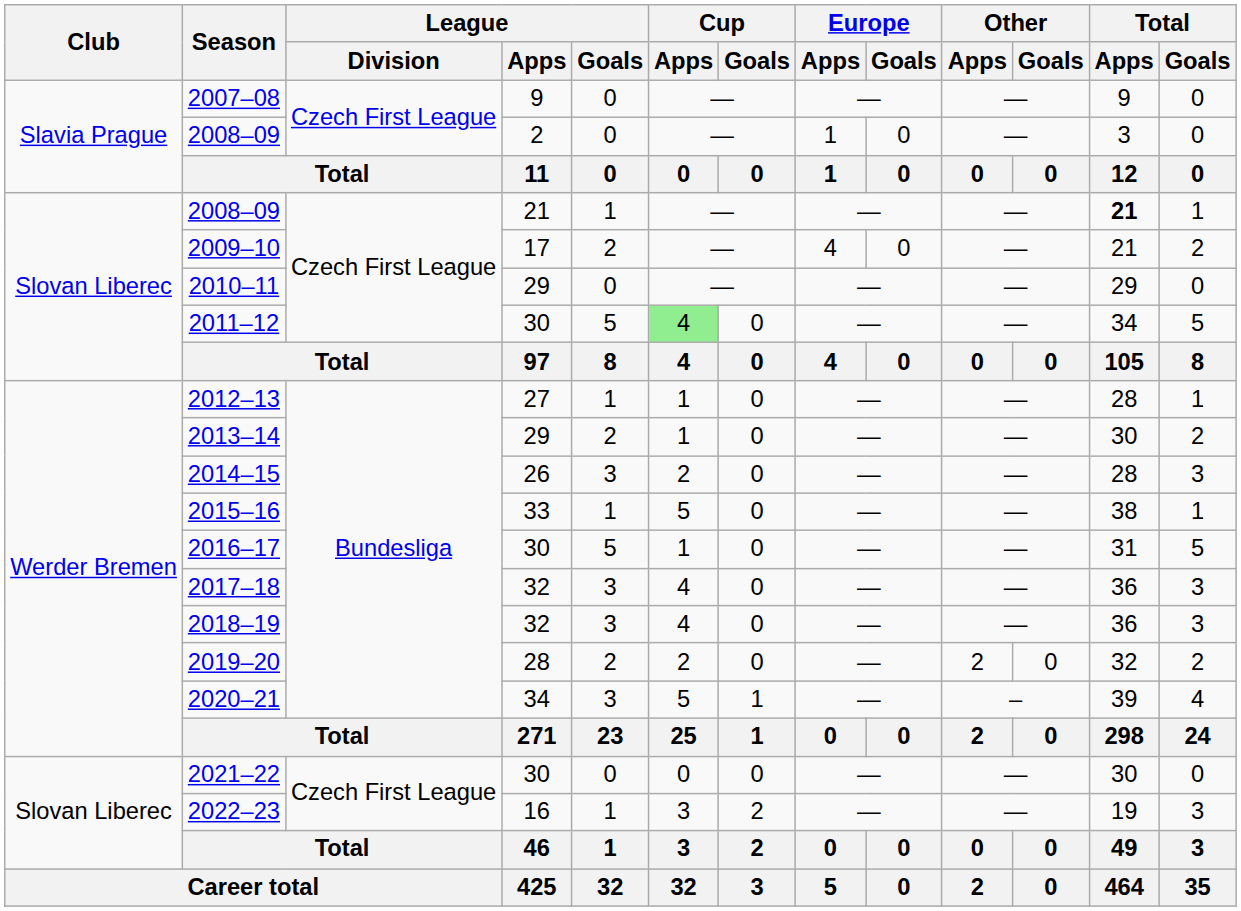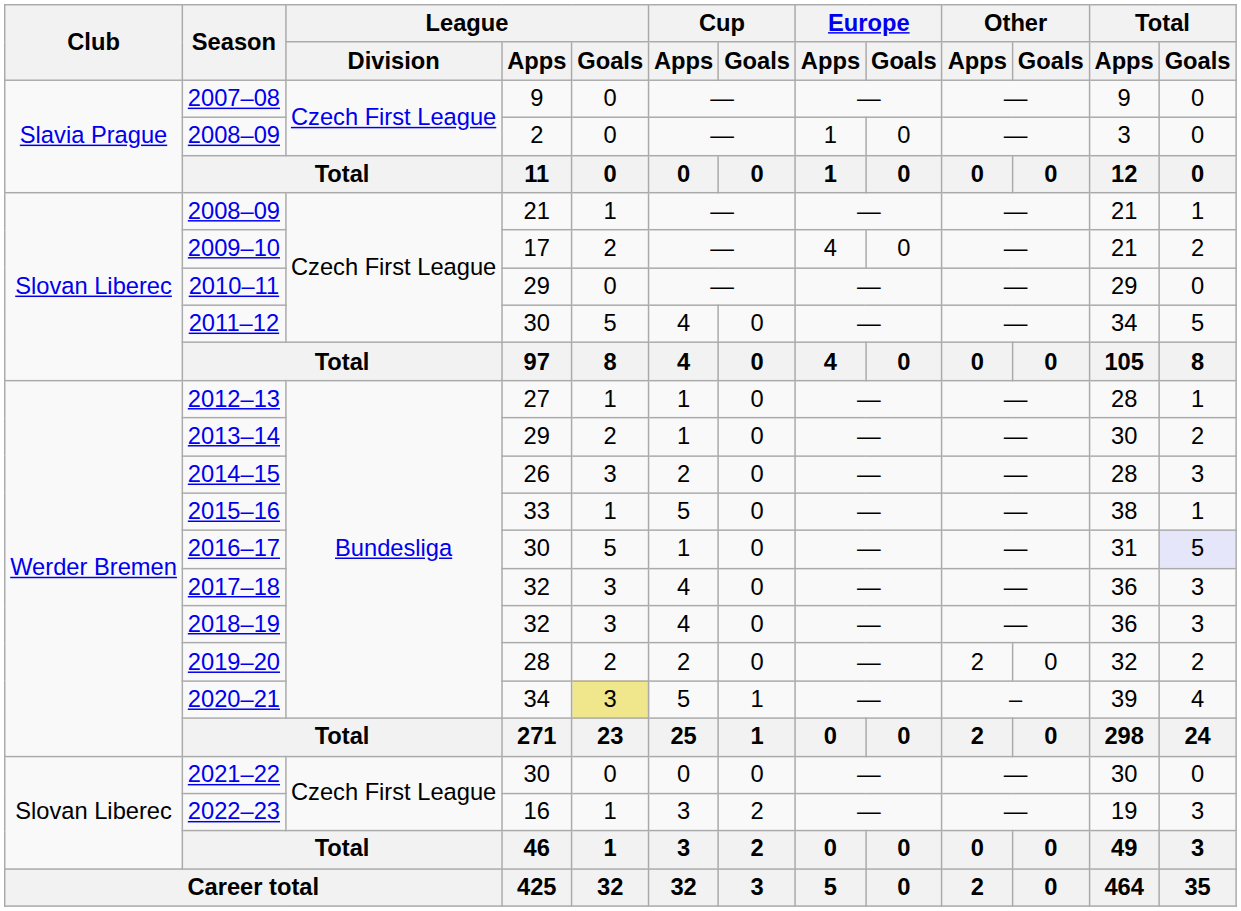 <table class="wikitable" style="text-align: center">
 <tr>
 <th rowspan="2">Club</th>
 <th rowspan="2">Season</th>
 <th colspan="3">League</th>
 <th colspan="2">Cup</th>
 <th colspan="2"><a href='#'>Europe</a></th>
 <th colspan="2">Other</th>
 <th colspan="2">Total</th>
 </tr>
 <tr>
 <th>Division</th>
 <th>Apps</th>
 <th>Goals</th>
 <th>Apps</th>
 <th>Goals</th>
 <th>Apps</th>
 <th>Goals</th>
 <th>Apps</th>
 <th>Goals</th>
 <th>Apps</th>
 <th>Goals</th>
 </tr>
 <tr>
 <td rowspan="3"><a href='#'>Slavia Prague</a></td>
 <td><a href='#'>2007–08</a></td>
 <td rowspan="2"><a href='#'>Czech First League</a></td>
 <td>9</td>
 <td>0</td>
 <td colspan="2">—</td>
 <td colspan="2">—</td>
 <td colspan="2">—</td>
 <td>9</td>
 <td>0</td>
 </tr>
 <tr>
 <td><a href='#'>2008–09</a></td>
 <td>2</td>
 <td>0</td>
 <td colspan="2">—</td>
 <td>1</td>
 <td>0</td>
 <td colspan="2">—</td>
 <td>3</td>
 <td>0</td>
 </tr>
 <tr>
 <th colspan="2">Total</th>
 <th>11</th>
 <th>0</th>
 <th>0</th>
 <th>0</th>
 <th>1</th>
 <th>0</th>
 <th>0</th>
 <th>0</th>
 <th>12</th>
 <th>0</th>
 </tr>
 <tr>
 <td rowspan="5"><a href='#'>Slovan Liberec</a></td>
 <td><a href='#'>2008–09</a></td>
 <td rowspan="4">Czech First League</td>
 <td>21</td>
 <td>1</td>
 <td colspan="2">—</td>
 <td colspan="2">—</td>
 <td colspan="2">—</td>
-<td><strong>21</strong></td>
+<td>21</td>
 <td>1</td>
 </tr>
 <tr>
 <td><a href='#'>2009–10</a></td>
 <td>17</td>
 <td>2</td>
 <td colspan="2">—</td>
 <td>4</td>
 <td>0</td>
 <td colspan="2">—</td>
 <td>21</td>
 <td>2</td>
 </tr>
 <tr>
 <td><a href='#'>2010–11</a></td>
 <td>29</td>
 <td>0</td>
 <td colspan="2">—</td>
 <td colspan="2">—</td>
 <td colspan="2">—</td>
 <td>29</td>
 <td>0</td>
 </tr>
 <tr>
 <td><a href='#'>2011–12</a></td>
 <td>30</td>
 <td>5</td>
-<td style="background: lightgreen;">4</td>
+<td>4</td>
 <td>0</td>
 <td colspan="2">—</td>
 <td colspan="2">—</td>
 <td>34</td>
 <td>5</td>
 </tr>
 <tr>
 <th colspan="2">Total</th>
 <th>97</th>
 <th>8</th>
 <th>4</th>
 <th>0</th>
 <th>4</th>
 <th>0</th>
 <th>0</th>
 <th>0</th>
 <th>105</th>
 <th>8</th>
 </tr>
 <tr>
 <td rowspan="10"><a href='#'>Werder Bremen</a></td>
 <td><a href='#'>2012–13</a></td>
 <td rowspan="9"><a href='#'>Bundesliga</a></td>
 <td>27</td>
 <td>1</td>
 <td>1</td>
 <td>0</td>
 <td colspan="2">—</td>
 <td colspan="2">—</td>
 <td>28</td>
 <td>1</td>
 </tr>
 <tr>
 <td><a href='#'>2013–14</a></td>
 <td>29</td>
 <td>2</td>
 <td>1</td>
 <td>0</td>
 <td colspan="2">—</td>
 <td colspan="2">—</td>
 <td>30</td>
 <td>2</td>
 </tr>
 <tr>
 <td><a href='#'>2014–15</a></td>
 <td>26</td>
 <td>3</td>
 <td>2</td>
 <td>0</td>
 <td colspan="2">—</td>
 <td colspan="2">—</td>
 <td>28</td>
 <td>3</td>
 </tr>
 <tr>
 <td><a href='#'>2015–16</a></td>
 <td>33</td>
 <td>1</td>
 <td>5</td>
 <td>0</td>
 <td colspan="2">—</td>
 <td colspan="2">—</td>
 <td>38</td>
 <td>1</td>
 </tr>
 <tr>
 <td><a href='#'>2016–17</a></td>
 <td>30</td>
 <td>5</td>
 <td>1</td>
 <td>0</td>
 <td colspan="2">—</td>
 <td colspan="2">—</td>
 <td>31</td>
-<td>5</td>
+<td style="background: lavender;">5</td>
 </tr>
 <tr>
 <td><a href='#'>2017–18</a></td>
 <td>32</td>
 <td>3</td>
 <td>4</td>
 <td>0</td>
 <td colspan="2">—</td>
 <td colspan="2">—</td>
 <td>36</td>
 <td>3</td>
 </tr>
 <tr>
 <td><a href='#'>2018–19</a></td>
 <td>32</td>
 <td>3</td>
 <td>4</td>
 <td>0</td>
 <td colspan="2">—</td>
 <td colspan="2">—</td>
 <td>36</td>
 <td>3</td>
 </tr>
 <tr>
 <td><a href='#'>2019–20</a></td>
 <td>28</td>
 <td>2</td>
 <td>2</td>
 <td>0</td>
 <td colspan="2">—</td>
 <td>2</td>
 <td>0</td>
 <td>32</td>
 <td>2</td>
 </tr>
 <tr>
 <td><a href='#'>2020–21</a></td>
 <td>34</td>
-<td>3</td>
+<td style="background: khaki;">3</td>
 <td>5</td>
 <td>1</td>
 <td colspan="2">—</td>
 <td colspan="2">–</td>
 <td>39</td>
 <td>4</td>
 </tr>
 <tr>
 <th colspan="2">Total</th>
 <th>271</th>
 <th>23</th>
 <th>25</th>
 <th>1</th>
 <th>0</th>
 <th>0</th>
 <th>2</th>
 <th>0</th>
 <th>298</th>
 <th>24</th>
 </tr>
 <tr>
 <td rowspan="3">Slovan Liberec</td>
 <td><a href='#'>2021–22</a></td>
 <td rowspan="2">Czech First League</td>
 <td>30</td>
 <td>0</td>
 <td>0</td>
 <td>0</td>
 <td colspan="2">—</td>
 <td colspan="2">—</td>
 <td>30</td>
 <td>0</td>
 </tr>
 <tr>
 <td><a href='#'>2022–23</a></td>
 <td>16</td>
 <td>1</td>
 <td>3</td>
 <td>2</td>
 <td colspan="2">—</td>
 <td colspan="2">—</td>
 <td>19</td>
 <td>3</td>
 </tr>
 <tr>
 <th colspan="2">Total</th>
 <th>46</th>
 <th>1</th>
 <th>3</th>
 <th>2</th>
 <th>0</th>
 <th>0</th>
 <th>0</th>
 <th>0</th>
 <th>49</th>
 <th>3</th>
 </tr>
 <tr>
 <th colspan="3">Career total</th>
 <th>425</th>
 <th>32</th>
 <th>32</th>
 <th>3</th>
 <th>5</th>
 <th>0</th>
 <th>2</th>
 <th>0</th>
 <th>464</th>
 <th>35</th>
 </tr>
 </table>
